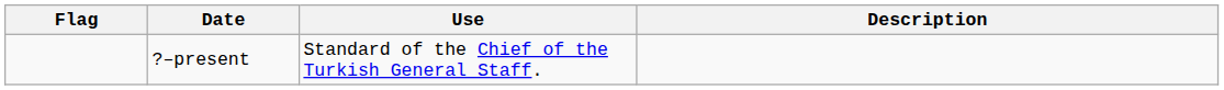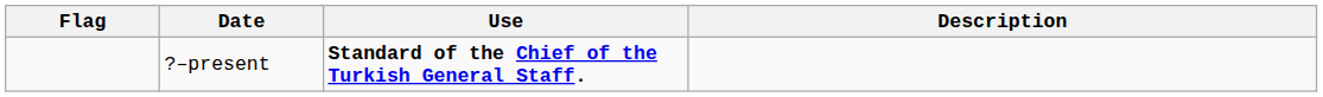 <table class="wikitable">
 <tr>
 <th scope="col" style="width:120px;">Flag</th>
 <th scope="col" style="width:120px;">Date</th>
 <th scope="col" style="width:300px;">Use</th>
 <th scope="col" style="width:530px;">Description</th>
 </tr>
 <tr>
 <td></td>
 <td>?–present</td>
-<td>Standard of the <a href='#'>Chief of the Turkish General Staff</a>.</td>
+<td><strong>Standard of the <a href='#'>Chief of the Turkish General Staff</a>.</strong></td>
 </tr>
 </table>
